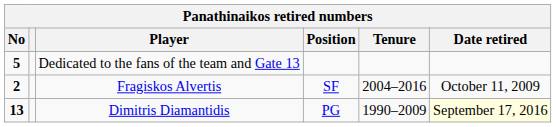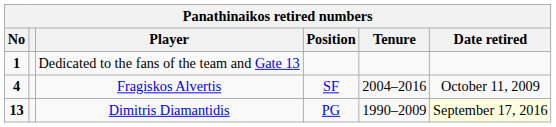 <table class="wikitable sortable" style="font-size:95%; text-align:center;">
 <tr>
 <th colspan=6>Panathinaikos retired numbers</th>
 </tr>
 <tr>
 <th>No</th>
 <th></th>
 <th>Player</th>
 <th>Position</th>
 <th>Tenure</th>
 <th>Date retired</th>
 </tr>
 <tr>
-<td><strong>5</strong></td>
+<td><strong>1</strong></td>
 <td></td>
 <td>Dedicated to the fans of the team and <a href='#'>Gate 13</a></td>
 <td></td>
 <td></td>
 <td></td>
 </tr>
 <tr>
-<td><strong>2</strong></td>
+<td><strong>4</strong></td>
 <td></td>
 <td><a href='#'>Fragiskos Alvertis</a></td>
 <td><a href='#'>SF</a></td>
 <td>2004–2016</td>
 <td>October 11, 2009</td>
 </tr>
 <tr>
 <td><strong>13</strong></td>
 <td></td>
 <td><a href='#'>Dimitris Diamantidis</a></td>
 <td><a href='#'>PG</a></td>
 <td>1990–2009</td>
 <td style="background: lightyellow;">September 17, 2016</td>
 </tr>
 </table>
